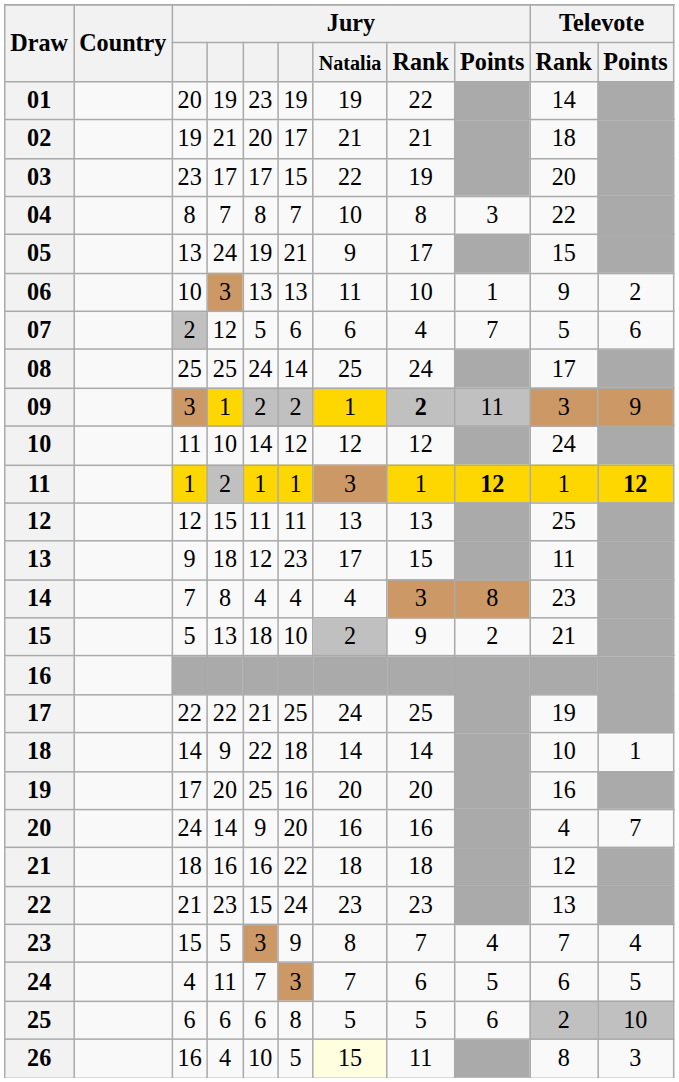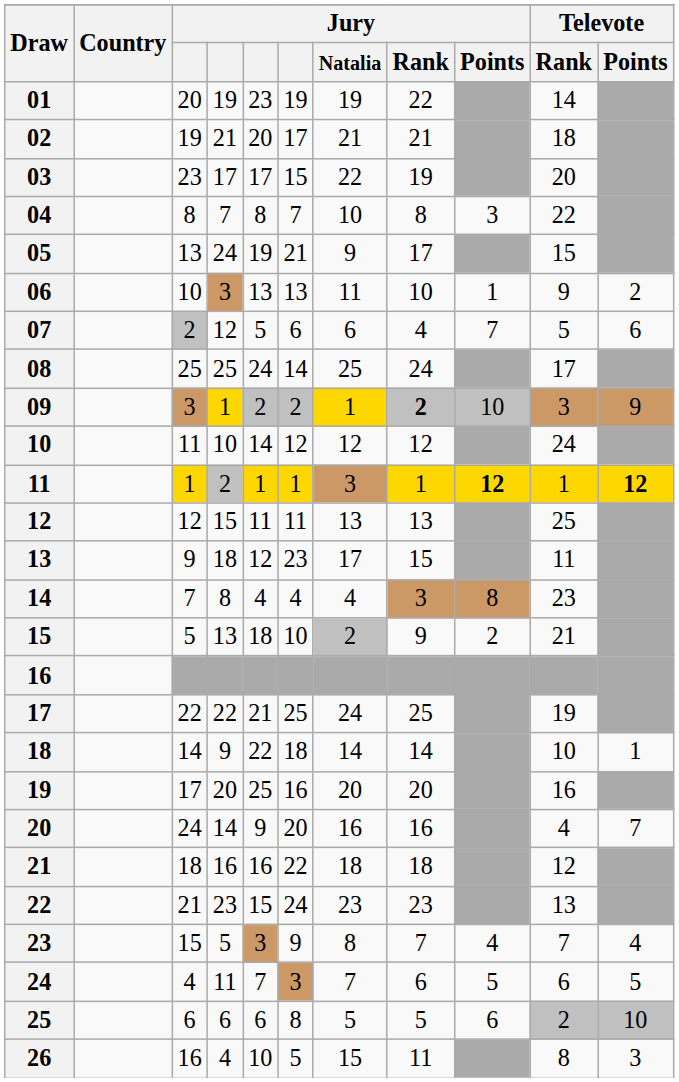 <table class="sortable wikitable collapsible plainrowheaders" style="text-align:center;">
 <tr>
 </tr>
 <tr>
 <th scope="col" rowspan="2">Draw</th>
 <th scope="col" rowspan="2">Country</th>
 <th scope="col" colspan="7">Jury</th>
 <th scope="col" colspan="2">Televote</th>
 </tr>
 <tr>
 <th scope="col"><small></small></th>
 <th scope="col"><small></small></th>
 <th scope="col"><small></small></th>
 <th scope="col"><small></small></th>
 <th scope="col"><small>Natalia</small></th>
 <th scope="col">Rank</th>
 <th scope="col">Points</th>
 <th scope="col">Rank</th>
 <th scope="col">Points</th>
 </tr>
 <tr>
 <th scope="row" style="text-align:center;">01</th>
 <td style="text-align:left;"></td>
 <td>20</td>
 <td>19</td>
 <td>23</td>
 <td>19</td>
 <td>19</td>
 <td>22</td>
 <td style="background:#AAAAAA;"></td>
 <td>14</td>
 <td style="background:#AAAAAA;"></td>
 </tr>
 <tr>
 <th scope="row" style="text-align:center;">02</th>
 <td style="text-align:left;"></td>
 <td>19</td>
 <td>21</td>
 <td>20</td>
 <td>17</td>
 <td>21</td>
 <td>21</td>
 <td style="background:#AAAAAA;"></td>
 <td>18</td>
 <td style="background:#AAAAAA;"></td>
 </tr>
 <tr>
 <th scope="row" style="text-align:center;">03</th>
 <td style="text-align:left;"></td>
 <td>23</td>
 <td>17</td>
 <td>17</td>
 <td>15</td>
 <td>22</td>
 <td>19</td>
 <td style="background:#AAAAAA;"></td>
 <td>20</td>
 <td style="background:#AAAAAA;"></td>
 </tr>
 <tr>
 <th scope="row" style="text-align:center;">04</th>
 <td style="text-align:left;"></td>
 <td>8</td>
 <td>7</td>
 <td>8</td>
 <td>7</td>
 <td>10</td>
 <td>8</td>
 <td>3</td>
 <td>22</td>
 <td style="background:#AAAAAA;"></td>
 </tr>
 <tr>
 <th scope="row" style="text-align:center;">05</th>
 <td style="text-align:left;"></td>
 <td>13</td>
 <td>24</td>
 <td>19</td>
 <td>21</td>
 <td>9</td>
 <td>17</td>
 <td style="background:#AAAAAA;"></td>
 <td>15</td>
 <td style="background:#AAAAAA;"></td>
 </tr>
 <tr>
 <th scope="row" style="text-align:center;">06</th>
 <td style="text-align:left;"></td>
 <td>10</td>
 <td style="background:#CC9966;">3</td>
 <td>13</td>
 <td>13</td>
 <td>11</td>
 <td>10</td>
 <td>1</td>
 <td>9</td>
 <td>2</td>
 </tr>
 <tr>
 <th scope="row" style="text-align:center;">07</th>
 <td style="text-align:left;"></td>
 <td style="background:silver;">2</td>
 <td>12</td>
 <td>5</td>
 <td>6</td>
 <td>6</td>
 <td>4</td>
 <td>7</td>
 <td>5</td>
 <td>6</td>
 </tr>
 <tr>
 <th scope="row" style="text-align:center;">08</th>
 <td style="text-align:left;"></td>
 <td>25</td>
 <td>25</td>
 <td>24</td>
 <td>14</td>
 <td>25</td>
 <td>24</td>
 <td style="background:#AAAAAA;"></td>
 <td>17</td>
 <td style="background:#AAAAAA;"></td>
 </tr>
 <tr>
 <th scope="row" style="text-align:center;">09</th>
 <td style="text-align:left;"></td>
 <td style="background:#CC9966;">3</td>
 <td style="background:gold;">1</td>
 <td style="background:silver;">2</td>
 <td style="background:silver;">2</td>
 <td style="background:gold;">1</td>
 <td style="background:silver;"><strong>2</strong></td>
-<td style="background:silver;">11</td>
+<td style="background:silver;">10</td>
 <td style="background:#CC9966;">3</td>
 <td style="background:#CC9966;">9</td>
 </tr>
 <tr>
 <th scope="row" style="text-align:center;">10</th>
 <td style="text-align:left;"></td>
 <td>11</td>
 <td>10</td>
 <td>14</td>
 <td>12</td>
 <td>12</td>
 <td>12</td>
 <td style="background:#AAAAAA;"></td>
 <td>24</td>
 <td style="background:#AAAAAA;"></td>
 </tr>
 <tr>
 <th scope="row" style="text-align:center;">11</th>
 <td style="text-align:left;"></td>
 <td style="background:gold;">1</td>
 <td style="background:silver;">2</td>
 <td style="background:gold;">1</td>
 <td style="background:gold;">1</td>
 <td style="background:#CC9966;">3</td>
 <td style="background:gold;">1</td>
 <td style="background:gold;"><strong>12</strong></td>
 <td style="background:gold;">1</td>
 <td style="background:gold;"><strong>12</strong></td>
 </tr>
 <tr>
 <th scope="row" style="text-align:center;">12</th>
 <td style="text-align:left;"></td>
 <td>12</td>
 <td>15</td>
 <td>11</td>
 <td>11</td>
 <td>13</td>
 <td>13</td>
 <td style="background:#AAAAAA;"></td>
 <td>25</td>
 <td style="background:#AAAAAA;"></td>
 </tr>
 <tr>
 <th scope="row" style="text-align:center;">13</th>
 <td style="text-align:left;"></td>
 <td>9</td>
 <td>18</td>
 <td>12</td>
 <td>23</td>
 <td>17</td>
 <td>15</td>
 <td style="background:#AAAAAA;"></td>
 <td>11</td>
 <td style="background:#AAAAAA;"></td>
 </tr>
 <tr>
 <th scope="row" style="text-align:center;">14</th>
 <td style="text-align:left;"></td>
 <td>7</td>
 <td>8</td>
 <td>4</td>
 <td>4</td>
 <td>4</td>
 <td style="background:#CC9966;">3</td>
 <td style="background:#CC9966;">8</td>
 <td>23</td>
 <td style="background:#AAAAAA;"></td>
 </tr>
 <tr>
 <th scope="row" style="text-align:center;">15</th>
 <td style="text-align:left;"></td>
 <td>5</td>
 <td>13</td>
 <td>18</td>
 <td>10</td>
 <td style="background:silver;">2</td>
 <td>9</td>
 <td>2</td>
 <td>21</td>
 <td style="background:#AAAAAA;"></td>
 </tr>
 <tr class="sortbottom">
 <th scope="row" style="text-align:center;">16</th>
 <td style="text-align:left;"></td>
 <td style="background:#AAAAAA;"></td>
 <td style="background:#AAAAAA;"></td>
 <td style="background:#AAAAAA;"></td>
 <td style="background:#AAAAAA;"></td>
 <td style="background:#AAAAAA;"></td>
 <td style="background:#AAAAAA;"></td>
 <td style="background:#AAAAAA;"></td>
 <td style="background:#AAAAAA;"></td>
 <td style="background:#AAAAAA;"></td>
 </tr>
 <tr>
 <th scope="row" style="text-align:center;">17</th>
 <td style="text-align:left;"></td>
 <td>22</td>
 <td>22</td>
 <td>21</td>
 <td>25</td>
 <td>24</td>
 <td>25</td>
 <td style="background:#AAAAAA;"></td>
 <td>19</td>
 <td style="background:#AAAAAA;"></td>
 </tr>
 <tr>
 <th scope="row" style="text-align:center;">18</th>
 <td style="text-align:left;"></td>
 <td>14</td>
 <td>9</td>
 <td>22</td>
 <td>18</td>
 <td>14</td>
 <td>14</td>
 <td style="background:#AAAAAA;"></td>
 <td>10</td>
 <td>1</td>
 </tr>
 <tr>
 <th scope="row" style="text-align:center;">19</th>
 <td style="text-align:left;"></td>
 <td>17</td>
 <td>20</td>
 <td>25</td>
 <td>16</td>
 <td>20</td>
 <td>20</td>
 <td style="background:#AAAAAA;"></td>
 <td>16</td>
 <td style="background:#AAAAAA;"></td>
 </tr>
 <tr>
 <th scope="row" style="text-align:center;">20</th>
 <td style="text-align:left;"></td>
 <td>24</td>
 <td>14</td>
 <td>9</td>
 <td>20</td>
 <td>16</td>
 <td>16</td>
 <td style="background:#AAAAAA;"></td>
 <td>4</td>
 <td>7</td>
 </tr>
 <tr>
 <th scope="row" style="text-align:center;">21</th>
 <td style="text-align:left;"></td>
 <td>18</td>
 <td>16</td>
 <td>16</td>
 <td>22</td>
 <td>18</td>
 <td>18</td>
 <td style="background:#AAAAAA;"></td>
 <td>12</td>
 <td style="background:#AAAAAA;"></td>
 </tr>
 <tr>
 <th scope="row" style="text-align:center;">22</th>
 <td style="text-align:left;"></td>
 <td>21</td>
 <td>23</td>
 <td>15</td>
 <td>24</td>
 <td>23</td>
 <td>23</td>
 <td style="background:#AAAAAA;"></td>
 <td>13</td>
 <td style="background:#AAAAAA;"></td>
 </tr>
 <tr>
 <th scope="row" style="text-align:center;">23</th>
 <td style="text-align:left;"></td>
 <td>15</td>
 <td>5</td>
 <td style="background:#CC9966;">3</td>
 <td>9</td>
 <td>8</td>
 <td>7</td>
 <td>4</td>
 <td>7</td>
 <td>4</td>
 </tr>
 <tr>
 <th scope="row" style="text-align:center;">24</th>
 <td style="text-align:left;"></td>
 <td>4</td>
 <td>11</td>
 <td>7</td>
 <td style="background:#CC9966;">3</td>
 <td>7</td>
 <td>6</td>
 <td>5</td>
 <td>6</td>
 <td>5</td>
 </tr>
 <tr>
 <th scope="row" style="text-align:center;">25</th>
 <td style="text-align:left;"></td>
 <td>6</td>
 <td>6</td>
 <td>6</td>
 <td>8</td>
 <td>5</td>
 <td>5</td>
 <td>6</td>
 <td style="background:silver;">2</td>
 <td style="background:silver;">10</td>
 </tr>
 <tr>
 <th scope="row" style="text-align:center;">26</th>
 <td style="text-align:left;"></td>
 <td>16</td>
 <td>4</td>
 <td>10</td>
 <td>5</td>
-<td style="background: lightyellow;">15</td>
+<td>15</td>
 <td>11</td>
 <td style="background:#AAAAAA;"></td>
 <td>8</td>
 <td>3</td>
 </tr>
 </table>
